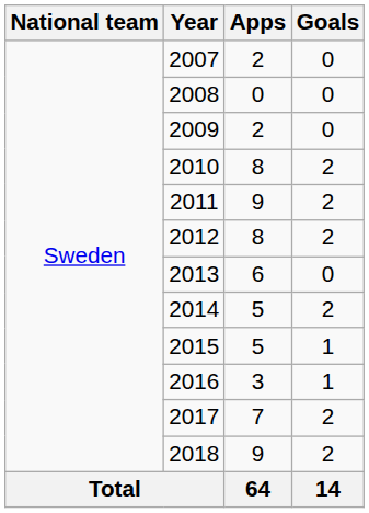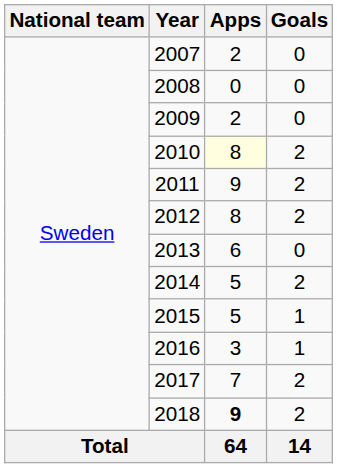 <table class="wikitable" style="text-align: center;">
 <tr>
 <th>National team</th>
 <th>Year</th>
 <th>Apps</th>
 <th>Goals</th>
 </tr>
 <tr>
 <td rowspan="12"><a href='#'>Sweden</a></td>
 <td>2007</td>
 <td>2</td>
 <td>0</td>
 </tr>
 <tr>
 <td>2008</td>
 <td>0</td>
 <td>0</td>
 </tr>
 <tr>
 <td>2009</td>
 <td>2</td>
 <td>0</td>
 </tr>
 <tr>
 <td>2010</td>
-<td>8</td>
+<td style="background: lightyellow;">8</td>
 <td>2</td>
 </tr>
 <tr>
 <td>2011</td>
 <td>9</td>
 <td>2</td>
 </tr>
 <tr>
 <td>2012</td>
 <td>8</td>
 <td>2</td>
 </tr>
 <tr>
 <td>2013</td>
 <td>6</td>
 <td>0</td>
 </tr>
 <tr>
 <td>2014</td>
 <td>5</td>
 <td>2</td>
 </tr>
 <tr>
 <td>2015</td>
 <td>5</td>
 <td>1</td>
 </tr>
 <tr>
 <td>2016</td>
 <td>3</td>
 <td>1</td>
 </tr>
 <tr>
 <td>2017</td>
 <td>7</td>
 <td>2</td>
 </tr>
 <tr>
 <td>2018</td>
-<td>9</td>
+<td><strong>9</strong></td>
 <td>2</td>
 </tr>
 <tr>
 <th colspan="2">Total</th>
 <th>64</th>
 <th>14</th>
 </tr>
 </table>
